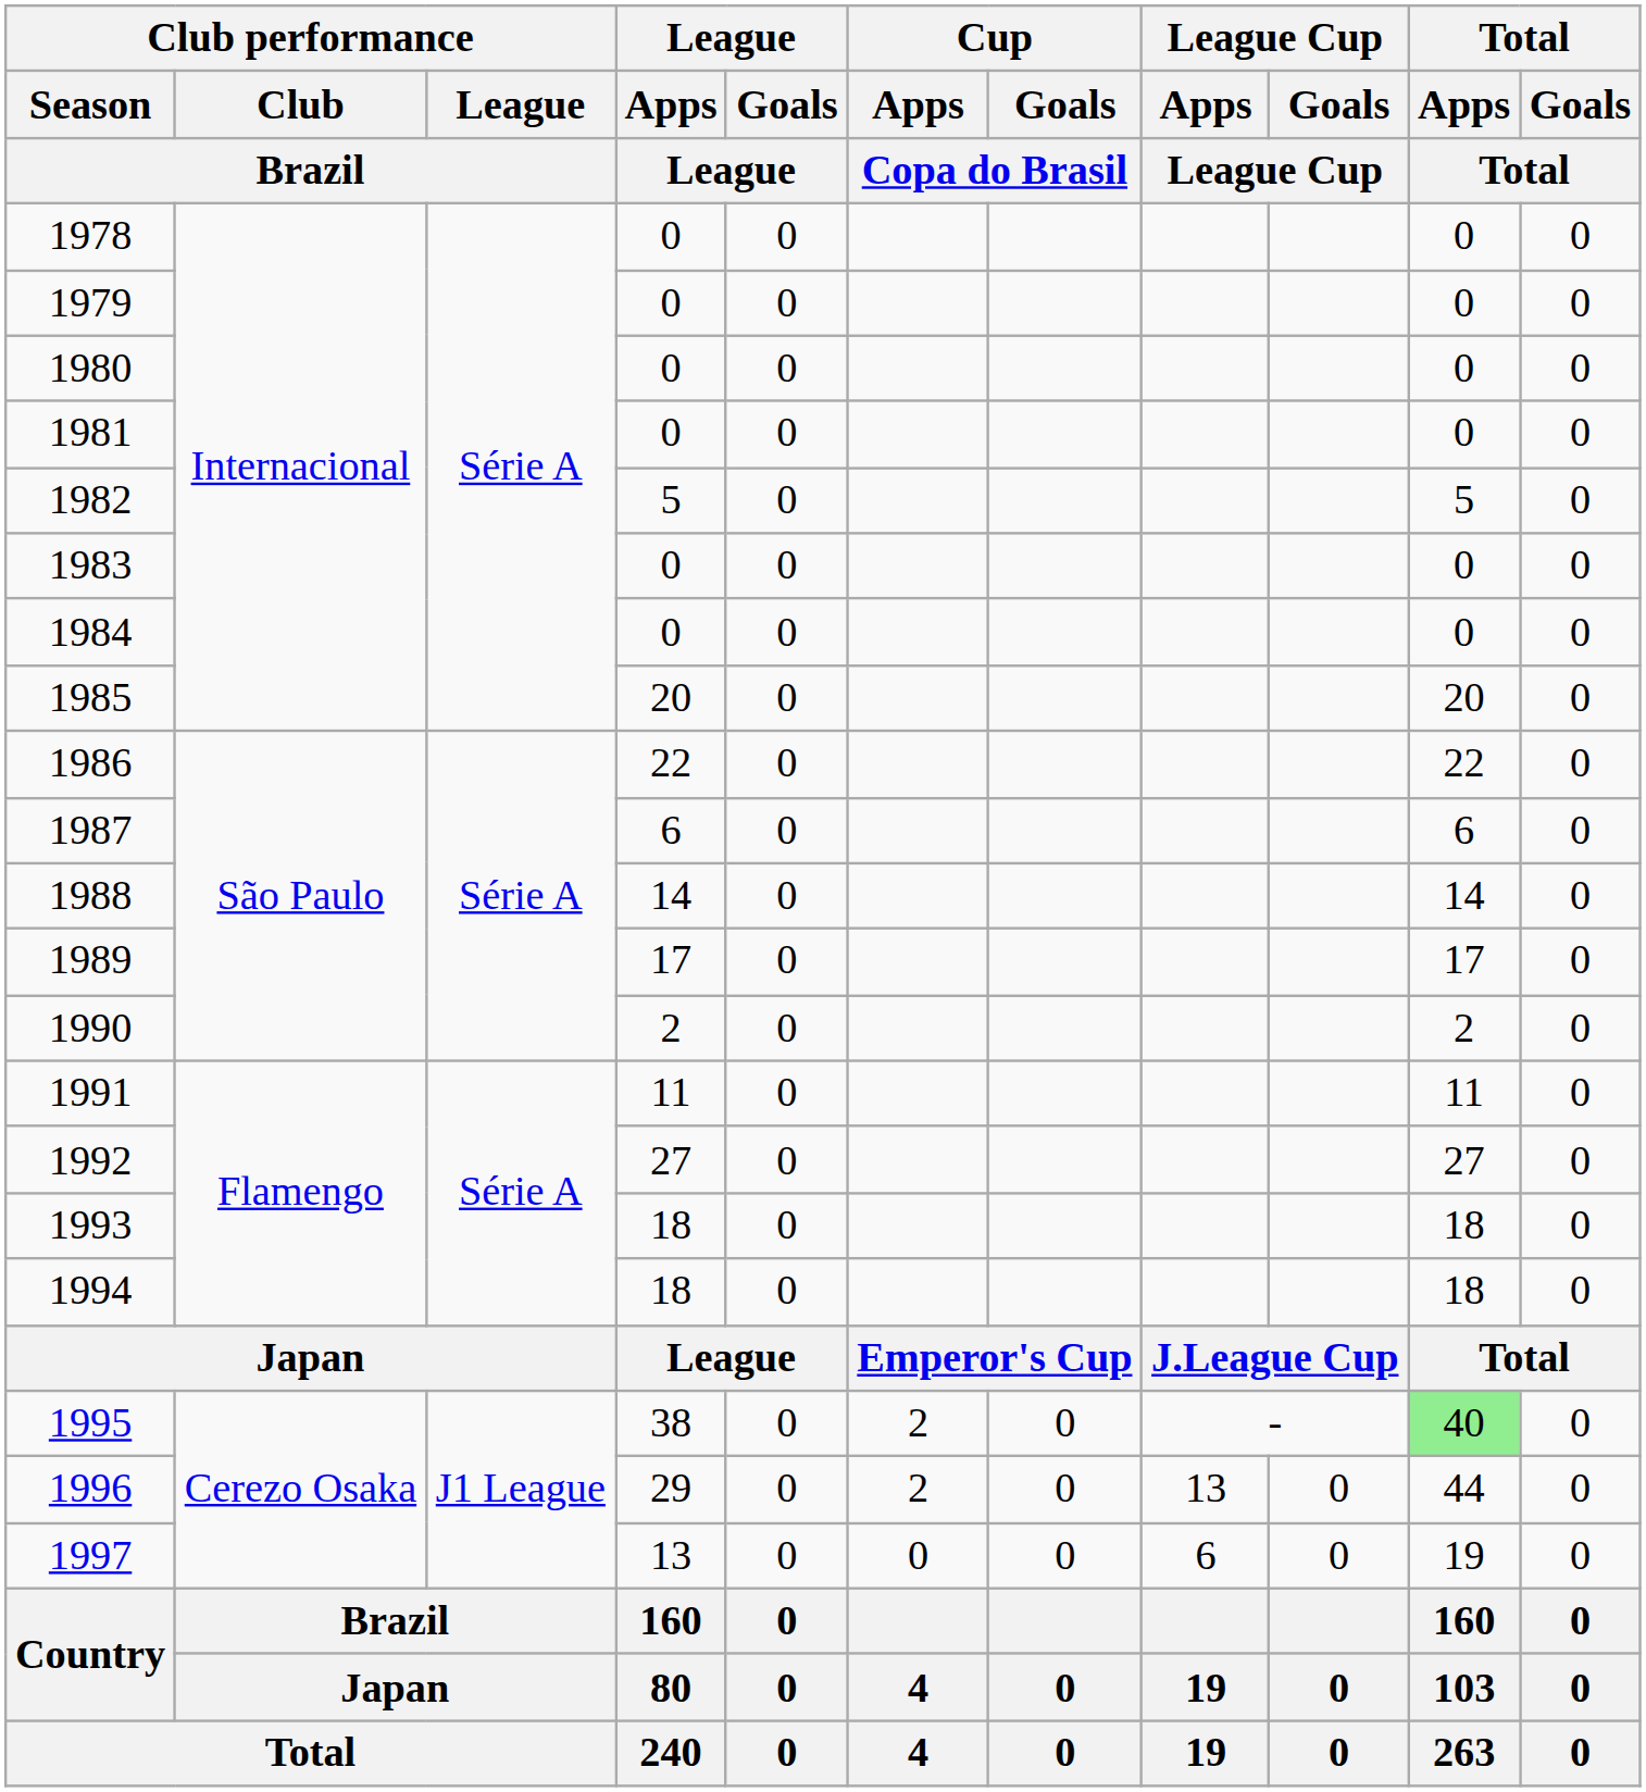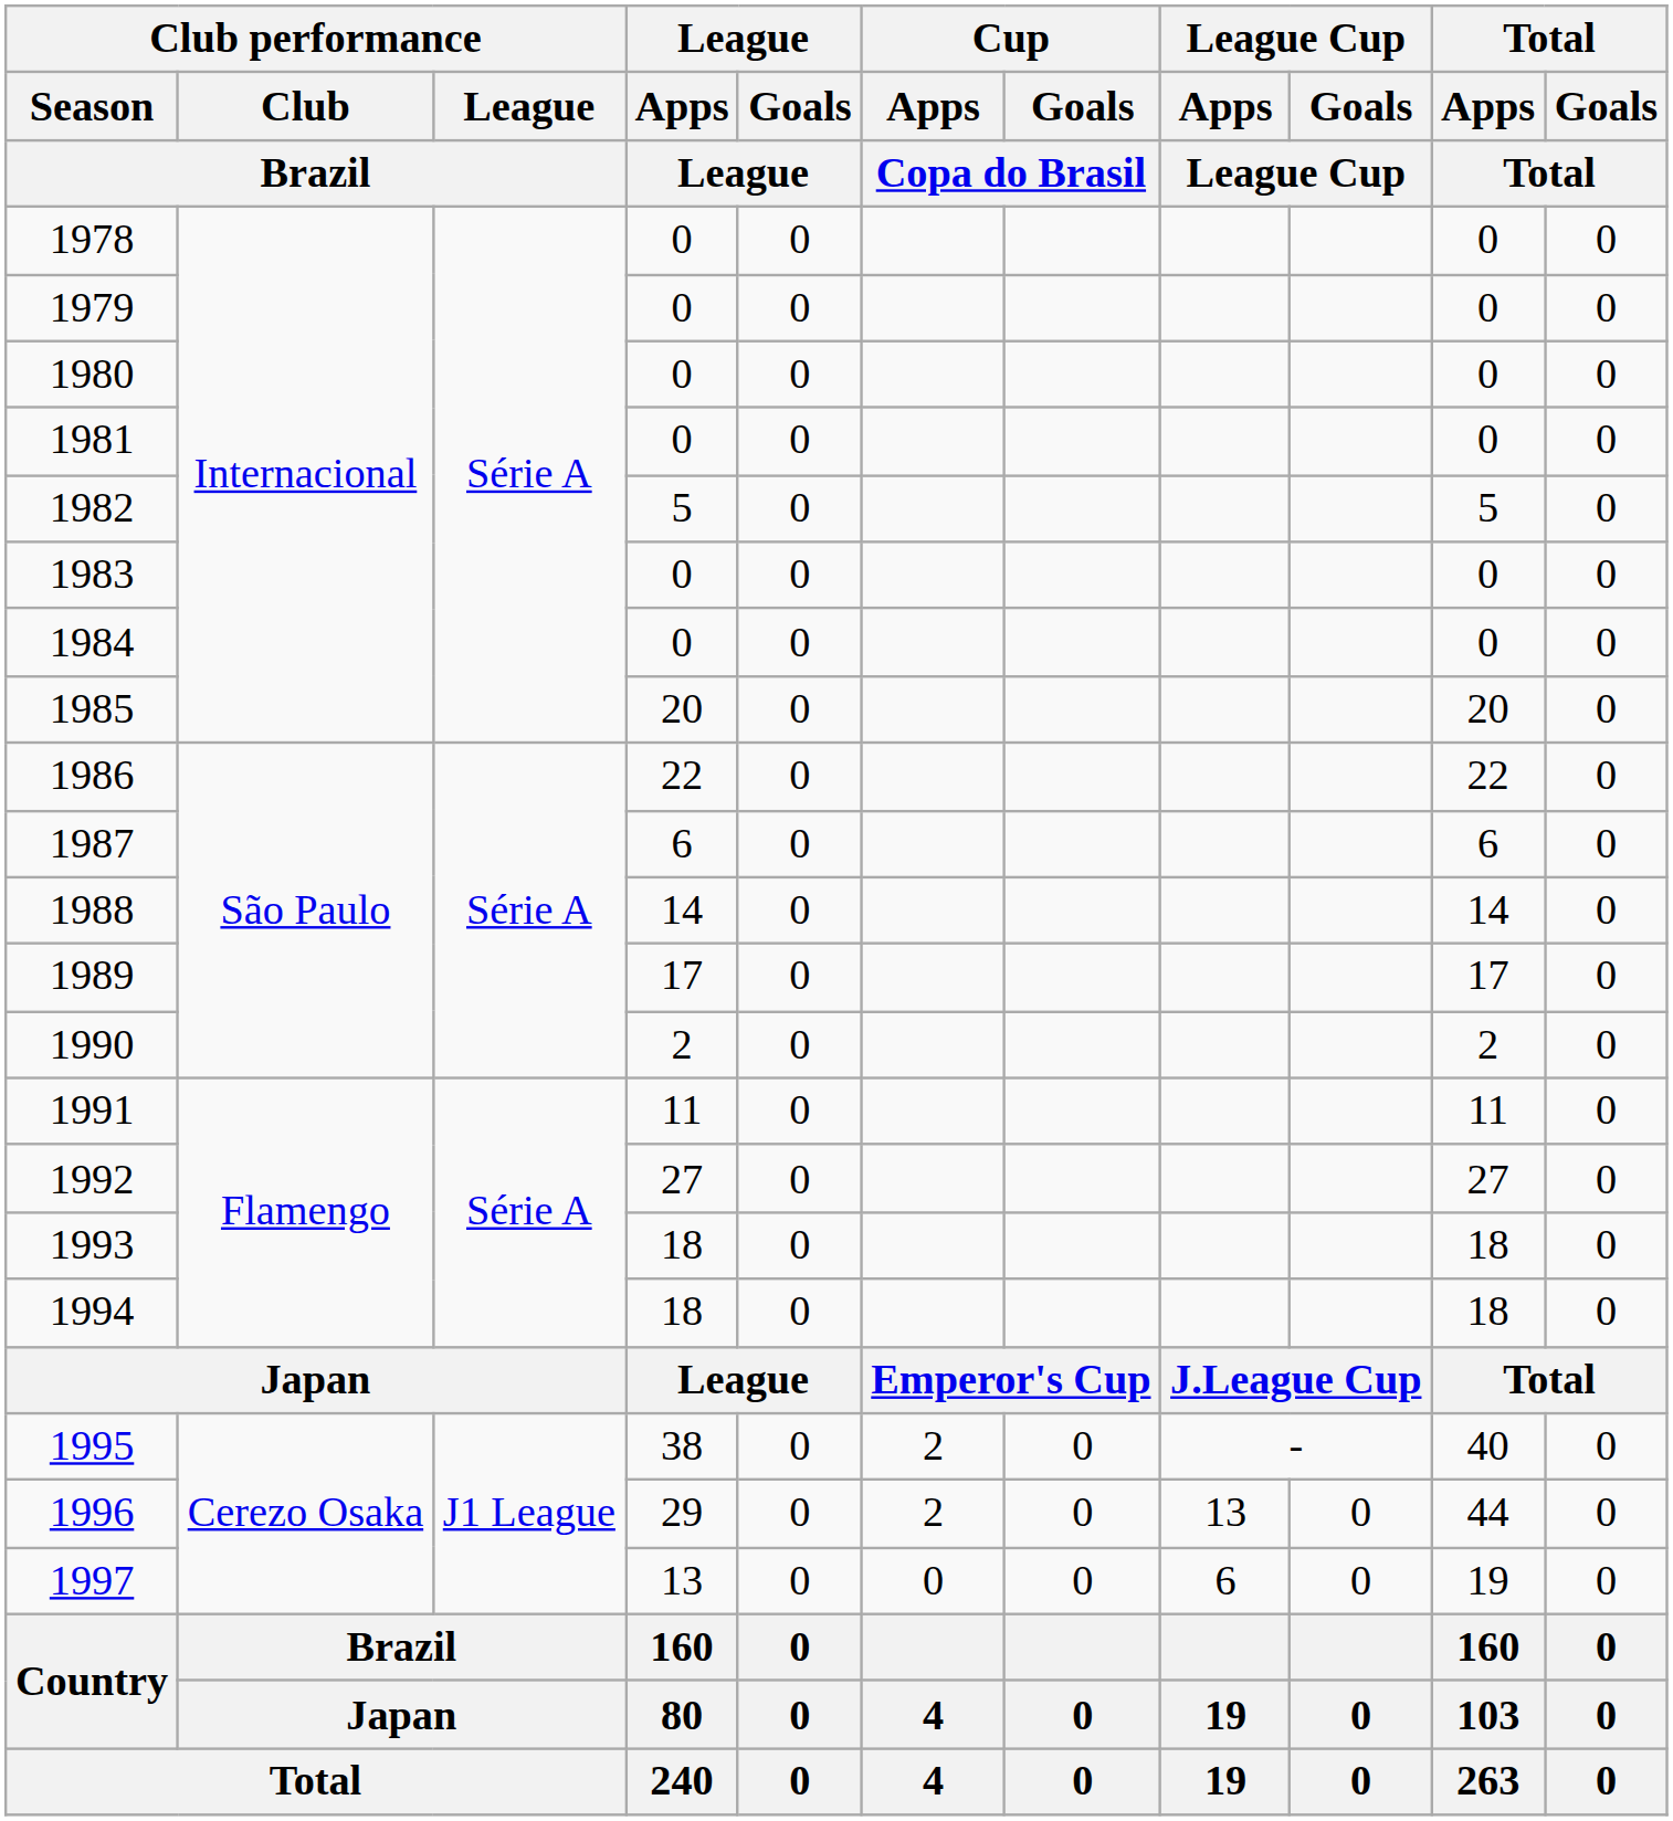 <table class="wikitable" style="text-align:center;">
 <tr>
 <th colspan=3>Club performance</th>
 <th colspan=2>League</th>
 <th colspan=2>Cup</th>
 <th colspan=2>League Cup</th>
 <th colspan=2>Total</th>
 </tr>
 <tr>
 <th>Season</th>
 <th>Club</th>
 <th>League</th>
 <th>Apps</th>
 <th>Goals</th>
 <th>Apps</th>
 <th>Goals</th>
 <th>Apps</th>
 <th>Goals</th>
 <th>Apps</th>
 <th>Goals</th>
 </tr>
 <tr>
 <th colspan=3>Brazil</th>
 <th colspan=2>League</th>
 <th colspan=2><a href='#'>Copa do Brasil</a></th>
 <th colspan=2>League Cup</th>
 <th colspan=2>Total</th>
 </tr>
 <tr>
 <td>1978</td>
 <td rowspan="8"><a href='#'>Internacional</a></td>
 <td rowspan="8"><a href='#'>Série A</a></td>
 <td>0</td>
 <td>0</td>
 <td></td>
 <td></td>
 <td></td>
 <td></td>
 <td>0</td>
 <td>0</td>
 </tr>
 <tr>
 <td>1979</td>
 <td>0</td>
 <td>0</td>
 <td></td>
 <td></td>
 <td></td>
 <td></td>
 <td>0</td>
 <td>0</td>
 </tr>
 <tr>
 <td>1980</td>
 <td>0</td>
 <td>0</td>
 <td></td>
 <td></td>
 <td></td>
 <td></td>
 <td>0</td>
 <td>0</td>
 </tr>
 <tr>
 <td>1981</td>
 <td>0</td>
 <td>0</td>
 <td></td>
 <td></td>
 <td></td>
 <td></td>
 <td>0</td>
 <td>0</td>
 </tr>
 <tr>
 <td>1982</td>
 <td>5</td>
 <td>0</td>
 <td></td>
 <td></td>
 <td></td>
 <td></td>
 <td>5</td>
 <td>0</td>
 </tr>
 <tr>
 <td>1983</td>
 <td>0</td>
 <td>0</td>
 <td></td>
 <td></td>
 <td></td>
 <td></td>
 <td>0</td>
 <td>0</td>
 </tr>
 <tr>
 <td>1984</td>
 <td>0</td>
 <td>0</td>
 <td></td>
 <td></td>
 <td></td>
 <td></td>
 <td>0</td>
 <td>0</td>
 </tr>
 <tr>
 <td>1985</td>
 <td>20</td>
 <td>0</td>
 <td></td>
 <td></td>
 <td></td>
 <td></td>
 <td>20</td>
 <td>0</td>
 </tr>
 <tr>
 <td>1986</td>
 <td rowspan="5"><a href='#'>São Paulo</a></td>
 <td rowspan="5"><a href='#'>Série A</a></td>
 <td>22</td>
 <td>0</td>
 <td></td>
 <td></td>
 <td></td>
 <td></td>
 <td>22</td>
 <td>0</td>
 </tr>
 <tr>
 <td>1987</td>
 <td>6</td>
 <td>0</td>
 <td></td>
 <td></td>
 <td></td>
 <td></td>
 <td>6</td>
 <td>0</td>
 </tr>
 <tr>
 <td>1988</td>
 <td>14</td>
 <td>0</td>
 <td></td>
 <td></td>
 <td></td>
 <td></td>
 <td>14</td>
 <td>0</td>
 </tr>
 <tr>
 <td>1989</td>
 <td>17</td>
 <td>0</td>
 <td></td>
 <td></td>
 <td></td>
 <td></td>
 <td>17</td>
 <td>0</td>
 </tr>
 <tr>
 <td>1990</td>
 <td>2</td>
 <td>0</td>
 <td></td>
 <td></td>
 <td></td>
 <td></td>
 <td>2</td>
 <td>0</td>
 </tr>
 <tr>
 <td>1991</td>
 <td rowspan="4"><a href='#'>Flamengo</a></td>
 <td rowspan="4"><a href='#'>Série A</a></td>
 <td>11</td>
 <td>0</td>
 <td></td>
 <td></td>
 <td></td>
 <td></td>
 <td>11</td>
 <td>0</td>
 </tr>
 <tr>
 <td>1992</td>
 <td>27</td>
 <td>0</td>
 <td></td>
 <td></td>
 <td></td>
 <td></td>
 <td>27</td>
 <td>0</td>
 </tr>
 <tr>
 <td>1993</td>
 <td>18</td>
 <td>0</td>
 <td></td>
 <td></td>
 <td></td>
 <td></td>
 <td>18</td>
 <td>0</td>
 </tr>
 <tr>
 <td>1994</td>
 <td>18</td>
 <td>0</td>
 <td></td>
 <td></td>
 <td></td>
 <td></td>
 <td>18</td>
 <td>0</td>
 </tr>
 <tr>
 <th colspan=3>Japan</th>
 <th colspan=2>League</th>
 <th colspan=2><a href='#'>Emperor's Cup</a></th>
 <th colspan=2><a href='#'>J.League Cup</a></th>
 <th colspan=2>Total</th>
 </tr>
 <tr>
 <td><a href='#'>1995</a></td>
 <td rowspan="3"><a href='#'>Cerezo Osaka</a></td>
 <td rowspan="3"><a href='#'>J1 League</a></td>
 <td>38</td>
 <td>0</td>
 <td>2</td>
 <td>0</td>
 <td colspan="2">-</td>
-<td style="background: lightgreen;">40</td>
+<td>40</td>
 <td>0</td>
 </tr>
 <tr>
 <td><a href='#'>1996</a></td>
 <td>29</td>
 <td>0</td>
 <td>2</td>
 <td>0</td>
 <td>13</td>
 <td>0</td>
 <td>44</td>
 <td>0</td>
 </tr>
 <tr>
 <td><a href='#'>1997</a></td>
 <td>13</td>
 <td>0</td>
 <td>0</td>
 <td>0</td>
 <td>6</td>
 <td>0</td>
 <td>19</td>
 <td>0</td>
 </tr>
 <tr>
 <th rowspan=2>Country</th>
 <th colspan=2>Brazil</th>
 <th>160</th>
 <th>0</th>
 <th></th>
 <th></th>
 <th></th>
 <th></th>
 <th>160</th>
 <th>0</th>
 </tr>
 <tr>
 <th colspan=2>Japan</th>
 <th>80</th>
 <th>0</th>
 <th>4</th>
 <th>0</th>
 <th>19</th>
 <th>0</th>
 <th>103</th>
 <th>0</th>
 </tr>
 <tr>
 <th colspan=3>Total</th>
 <th>240</th>
 <th>0</th>
 <th>4</th>
 <th>0</th>
 <th>19</th>
 <th>0</th>
 <th>263</th>
 <th>0</th>
 </tr>
 </table>
